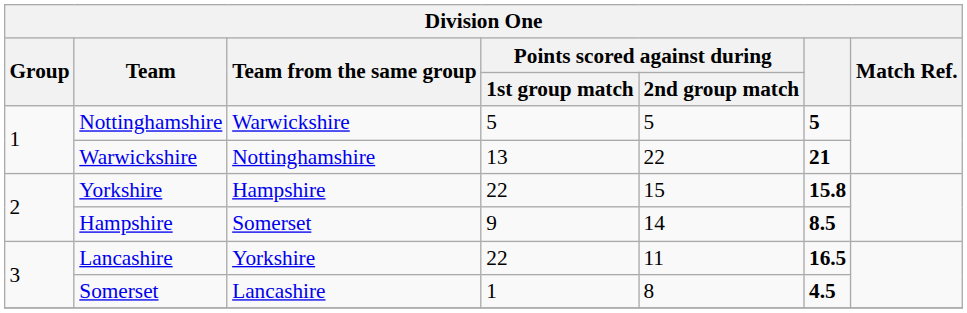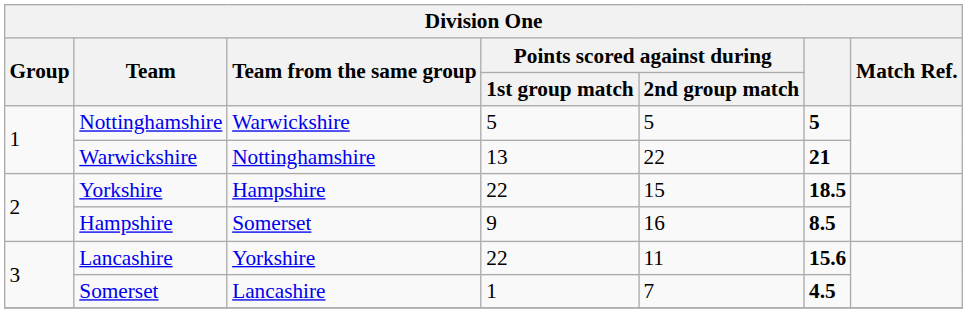 <table class="wikitable">
 <tr>
 <th colspan="7">Division One</th>
 </tr>
 <tr>
 <th rowspan="2">Group</th>
 <th rowspan="2">Team</th>
 <th rowspan="2">Team from the same group</th>
 <th colspan="2">Points scored against during</th>
 <th rowspan="2"></th>
 <th rowspan="2">Match Ref.</th>
 </tr>
 <tr>
 <th>1st group match</th>
 <th>2nd group match</th>
 </tr>
 <tr>
 <td rowspan="2">1</td>
 <td><a href='#'>Nottinghamshire</a></td>
 <td><a href='#'>Warwickshire</a></td>
 <td>5</td>
 <td>5</td>
 <td><strong>5</strong></td>
 <td rowspan="2"><br></td>
 </tr>
 <tr>
 <td><a href='#'>Warwickshire</a></td>
 <td><a href='#'>Nottinghamshire</a></td>
 <td>13</td>
 <td>22</td>
 <td><strong>21</strong></td>
 </tr>
 <tr>
 <td rowspan="2">2</td>
 <td><a href='#'>Yorkshire</a></td>
 <td><a href='#'>Hampshire</a></td>
 <td>22</td>
 <td>15</td>
-<td><strong>15.8</strong></td>
+<td><strong>18.5</strong></td>
 <td rowspan="2"><br></td>
 </tr>
 <tr>
 <td><a href='#'>Hampshire</a></td>
 <td><a href='#'>Somerset</a></td>
 <td>9</td>
-<td>14</td>
+<td>16</td>
 <td><strong>8.5</strong></td>
 </tr>
 <tr>
 <td rowspan="2">3</td>
 <td><a href='#'>Lancashire</a></td>
 <td><a href='#'>Yorkshire</a></td>
 <td>22</td>
 <td>11</td>
-<td><strong>16.5</strong></td>
+<td><strong>15.6</strong></td>
 <td rowspan="2"><br></td>
 </tr>
 <tr>
 <td><a href='#'>Somerset</a></td>
 <td><a href='#'>Lancashire</a></td>
 <td>1</td>
-<td>8</td>
+<td>7</td>
 <td><strong>4.5</strong></td>
 </tr>
 <tr>
 </tr>
 </table>
